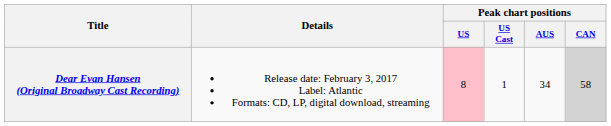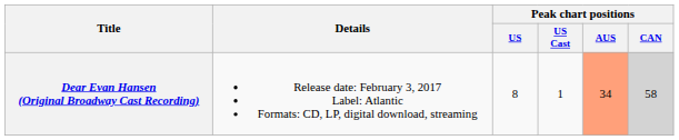 <table class="wikitable plainrowheaders" style="text-align:center;">
 <tr>
 <th scope="col" rowspan="2" style="width:17em;">Title</th>
 <th scope="col" rowspan="2" style="width:23em;">Details</th>
 <th scope="col" colspan="4">Peak chart positions</th>
 </tr>
 <tr>
 <th scope="col" style="width:4em;font-size:85%;"><a href='#'>US</a></th>
 <th scope="col" style="width:4em;font-size:85%;"><a href='#'>US<br>Cast</a></th>
 <th scope="col" style="width:4em;font-size:85%;"><a href='#'>AUS</a></th>
 <th scope="col" style="width:4em;font-size:85%;"><a href='#'>CAN</a></th>
 </tr>
 <tr>
 <th scope="row"><em><a href='#'>Dear Evan Hansen<br>(Original Broadway Cast Recording)</a></em></th>
 <td><br><ul><li>Release date: February 3, 2017</li><li>Label: Atlantic</li><li>Formats: CD, LP, digital download, streaming</li></ul></td>
-<td style="background: pink;">8</td>
+<td>8</td>
 <td>1</td>
-<td>34</td>
+<td style="background: lightsalmon;">34</td>
 <td style="background: lightgrey;">58</td>
 </tr>
 </table>
